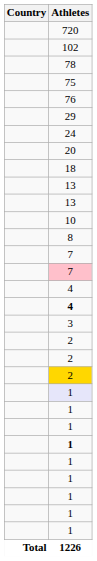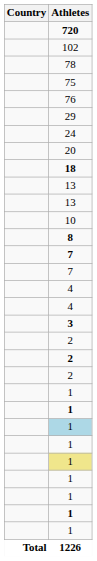 <table class="wikitable collapsible collapsed sortable" style="border:0;">
 <tr>
 <th>Country</th>
 <th>Athletes</th>
 </tr>
 <tr>
 <td></td>
-<td align=center>720</td>
+<td align=center><strong>720</strong></td>
 </tr>
 <tr>
 <td></td>
 <td align=center>102</td>
 </tr>
 <tr>
 <td></td>
 <td align=center>78</td>
 </tr>
 <tr>
 <td></td>
 <td align=center>75</td>
 </tr>
 <tr>
 <td></td>
 <td align=center>76</td>
 </tr>
 <tr>
 <td></td>
 <td align=center>29</td>
 </tr>
 <tr>
 <td></td>
 <td align=center>24</td>
 </tr>
 <tr>
 <td></td>
 <td align=center>20</td>
 </tr>
 <tr>
 <td></td>
-<td align=center>18</td>
+<td align=center><strong>18</strong></td>
 </tr>
 <tr>
 <td></td>
 <td align=center>13</td>
 </tr>
 <tr>
 <td></td>
 <td align=center>13</td>
 </tr>
 <tr>
 <td></td>
 <td align=center>10</td>
 </tr>
 <tr>
 <td></td>
-<td align=center>8</td>
+<td align=center><strong>8</strong></td>
+</tr>
+<tr>
+<td></td>
+<td align=center><strong>7</strong></td>
 </tr>
 <tr>
 <td></td>
 <td align=center>7</td>
 </tr>
 <tr>
 <td></td>
-<td align=center style="background: pink;">7</td>
+<td align=center>4</td>
 </tr>
 <tr>
 <td></td>
 <td align=center>4</td>
 </tr>
 <tr>
 <td></td>
-<td align=center><strong>4</strong></td>
-</tr>
-<tr>
-<td></td>
-<td align=center>3</td>
+<td align=center><strong>3</strong></td>
 </tr>
 <tr>
 <td></td>
 <td align=center>2</td>
 </tr>
 <tr>
 <td></td>
+<td align=center><strong>2</strong></td>
+</tr>
+<tr>
+<td></td>
 <td align=center>2</td>
 </tr>
 <tr>
 <td></td>
-<td align=center style="background: gold;">2</td>
+<td align=center>1</td>
 </tr>
 <tr>
 <td></td>
-<td align=center style="background: lavender;">1</td>
+<td align=center><strong>1</strong></td>
+</tr>
+<tr>
+<td></td>
+<td align=center style="background: lightblue;">1</td>
+</tr>
+<tr>
+<td></td>
+<td align=center>1</td>
+</tr>
+<tr>
+<td></td>
+<td align=center style="background: khaki;">1</td>
 </tr>
 <tr>
 <td></td>
 <td align=center>1</td>
 </tr>
 <tr>
 <td></td>
 <td align=center>1</td>
 </tr>
 <tr>
 <td></td>
 <td align=center><strong>1</strong></td>
 </tr>
 <tr>
 <td></td>
 <td align=center>1</td>
 </tr>
-<tr>
-<td></td>
-<td align=center>1</td>
-</tr>
-<tr>
-<td></td>
-<td align=center>1</td>
-</tr>
-<tr>
-<td></td>
-<td align=center>1</td>
-</tr>
-<tr>
-<td></td>
-<td align=center>1</td>
-</tr>
 <tr class="sortbottom">
 <td style="text-align:right; border:0px; background:#fff;"><strong>Total</strong></td>
 <td style="text-align:center; border:0px; background:#fff;"><strong>1226</strong></td>
 </tr>
 <tr>
 </tr>
 </table>
